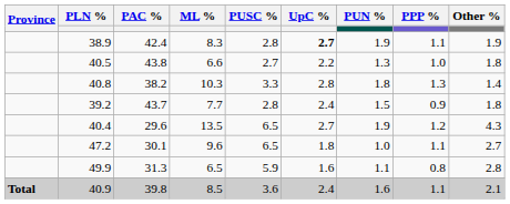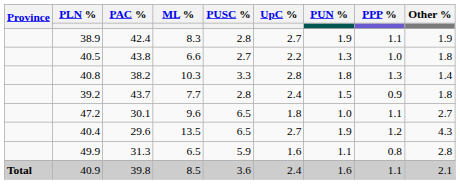 <table class="wikitable sortable" style="text-align:right; font-size:95%;">
 <tr>
 <th rowspan=2><a href='#'>Province</a></th>
 <th width=60px><a href='#'>PLN</a> %</th>
 <th width=60px><a href='#'>PAC</a> %</th>
 <th width=60px><a href='#'>ML</a> %</th>
 <th width=60px><a href='#'>PUSC</a> %</th>
 <th width=60px><a href='#'>UpC</a> %</th>
 <th width=60px><a href='#'>PUN</a> %</th>
 <th width=60px><a href='#'>PPP</a> %</th>
 <th width=60px>Other %</th>
 </tr>
 <tr>
 <th style="background:"></th>
 <th style="background:"></th>
 <th style="background:"></th>
 <th style="background:"></th>
 <th style="background:"></th>
 <th style="background:#00554E"></th>
 <th style="background:slateblue"></th>
 <th style="background:#7a7a7a"></th>
 </tr>
 <tr>
 <td align="left"></td>
 <td>38.9</td>
 <td style="background:">42.4</td>
 <td>8.3</td>
 <td>2.8</td>
-<td><strong>2.7</strong></td>
+<td>2.7</td>
 <td>1.9</td>
 <td>1.1</td>
 <td>1.9</td>
 </tr>
 <tr>
 <td align="left"></td>
 <td>40.5</td>
 <td style="background:">43.8</td>
 <td>6.6</td>
 <td>2.7</td>
 <td>2.2</td>
 <td>1.3</td>
 <td>1.0</td>
 <td>1.8</td>
 </tr>
 <tr>
 <td align="left"></td>
 <td style="background:">40.8</td>
 <td>38.2</td>
 <td>10.3</td>
 <td>3.3</td>
 <td>2.8</td>
 <td>1.8</td>
 <td>1.3</td>
 <td>1.4</td>
 </tr>
 <tr>
 <td align="left"></td>
 <td>39.2</td>
 <td style="background:">43.7</td>
 <td>7.7</td>
 <td>2.8</td>
 <td>2.4</td>
 <td>1.5</td>
 <td>0.9</td>
 <td>1.8</td>
 </tr>
 <tr>
 <td align="left"></td>
+<td style="background:">47.2</td>
+<td>30.1</td>
+<td>9.6</td>
+<td>6.5</td>
+<td>1.8</td>
+<td>1.0</td>
+<td>1.1</td>
+<td>2.7</td>
+</tr>
+<tr>
+<td align="left"></td>
 <td style="background:">40.4</td>
 <td>29.6</td>
 <td>13.5</td>
 <td>6.5</td>
 <td>2.7</td>
 <td>1.9</td>
 <td>1.2</td>
 <td>4.3</td>
-</tr>
-<tr>
-<td align="left"></td>
-<td style="background:">47.2</td>
-<td>30.1</td>
-<td>9.6</td>
-<td>6.5</td>
-<td>1.8</td>
-<td>1.0</td>
-<td>1.1</td>
-<td>2.7</td>
 </tr>
 <tr>
 <td align="left"></td>
 <td style="background:">49.9</td>
 <td>31.3</td>
 <td>6.5</td>
 <td>5.9</td>
 <td>1.6</td>
 <td>1.1</td>
 <td>0.8</td>
 <td>2.8</td>
 </tr>
 <tr style="background:#CDCDCD;">
 <td align="left"><strong>Total</strong></td>
 <td style="background:">40.9</td>
 <td>39.8</td>
 <td>8.5</td>
 <td>3.6</td>
 <td>2.4</td>
 <td>1.6</td>
 <td>1.1</td>
 <td>2.1</td>
 </tr>
 </table>
